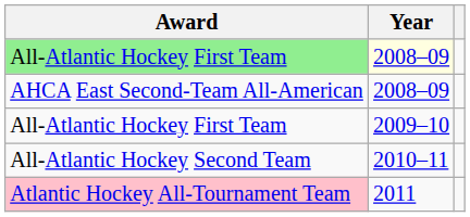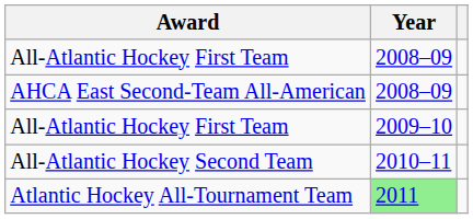 <table class="wikitable">
 <tr>
 <th>Award</th>
 <th>Year</th>
 <th></th>
 </tr>
 <tr>
-<td style="background: lightgreen;">All-<a href='#'>Atlantic Hockey</a> <a href='#'>First Team</a></td>
-<td style="background: lightyellow;"><a href='#'>2008–09</a></td>
+<td>All-<a href='#'>Atlantic Hockey</a> <a href='#'>First Team</a></td>
+<td><a href='#'>2008–09</a></td>
 <td></td>
 </tr>
 <tr>
 <td><a href='#'>AHCA</a> <a href='#'>East Second-Team All-American</a></td>
 <td><a href='#'>2008–09</a></td>
 <td></td>
 </tr>
 <tr>
 <td>All-<a href='#'>Atlantic Hockey</a> <a href='#'>First Team</a></td>
 <td><a href='#'>2009–10</a></td>
 <td></td>
 </tr>
 <tr>
 <td>All-<a href='#'>Atlantic Hockey</a> <a href='#'>Second Team</a></td>
 <td><a href='#'>2010–11</a></td>
 <td></td>
 </tr>
 <tr>
-<td style="background: pink;"><a href='#'>Atlantic Hockey</a> <a href='#'>All-Tournament Team</a></td>
-<td><a href='#'>2011</a></td>
+<td><a href='#'>Atlantic Hockey</a> <a href='#'>All-Tournament Team</a></td>
+<td style="background: lightgreen;"><a href='#'>2011</a></td>
 <td></td>
 </tr>
 </table>
